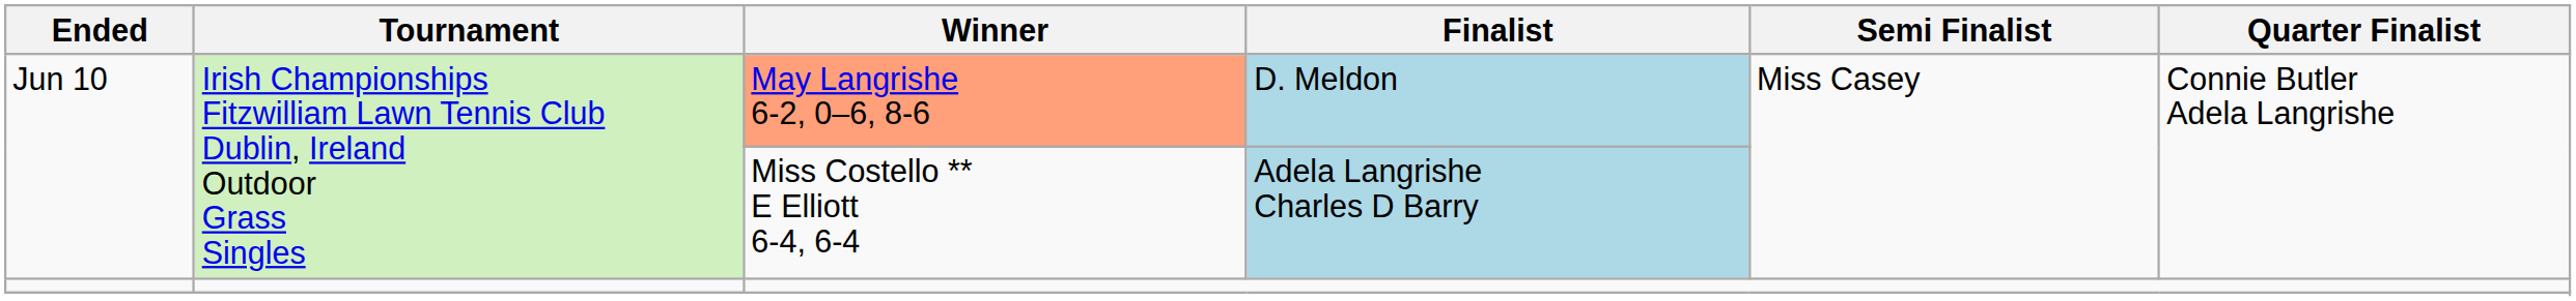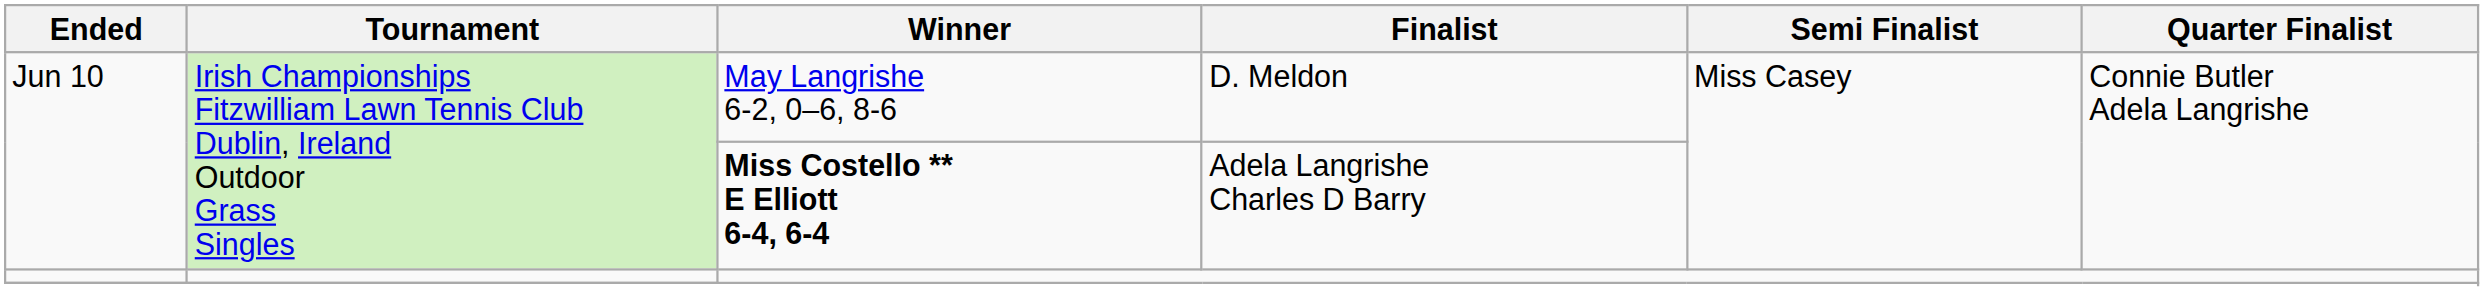 <table class="wikitable" style="font-size:85%;">
 <tr>
 <th width="75">Ended</th>
 <th width="230">Tournament</th>
 <th width="210">Winner</th>
 <th width="210">Finalist</th>
 <th width="170">Semi Finalist</th>
 <th width="170">Quarter Finalist</th>
 </tr>
 <tr valign=top>
 <td rowspan=2>Jun 10</td>
 <td style="background:#d0f0c0" rowspan=2><a href='#'>Irish Championships</a><br> <a href='#'>Fitzwilliam Lawn Tennis Club</a><br><a href='#'>Dublin</a>, <a href='#'>Ireland</a><br>Outdoor<br><a href='#'>Grass</a><br><a href='#'>Singles</a></td>
-<td style="background: lightsalmon;"> <a href='#'>May Langrishe</a><br>6-2, 0–6, 8-6</td>
-<td style="background: lightblue;"> D. Meldon</td>
+<td> <a href='#'>May Langrishe</a><br>6-2, 0–6, 8-6</td>
+<td> D. Meldon</td>
 <td rowspan=2> Miss Casey</td>
 <td rowspan=2> Connie Butler<br> Adela Langrishe<br></td>
 </tr>
 <tr valign=top>
-<td> Miss Costello ** <br> E Elliott<br>6-4, 6-4</td>
-<td style="background: lightblue;"> Adela Langrishe<br> Charles D Barry</td>
+<td><strong> Miss Costello ** <br> E Elliott<br>6-4, 6-4</strong></td>
+<td> Adela Langrishe<br> Charles D Barry</td>
 </tr>
 <tr valign=top>
 <td></td>
 <td></td>
 </tr>
 <tr valign=top>
 </tr>
 </table>
